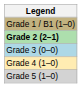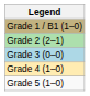 <table class="wikitable" style="font-size:85%;">
 <tr>
 <th>Legend</th>
 </tr>
 <tr bgcolor="C2B280">
 <td>Grade 1 / B1 (1–0)</td>
 </tr>
 <tr bgcolor="ADDFAD">
-<td><strong>Grade 2 (2–1)</strong></td>
+<td>Grade 2 (2–1)</td>
 </tr>
 <tr bgcolor="lightblue">
 <td>Grade 3 (0–0)</td>
 </tr>
 <tr bgcolor="ffecb2">
 <td>Grade 4 (1–0)</td>
 </tr>
 <tr>
-<td style="background: lightgrey;">Grade 5 (1–0)</td>
+<td>Grade 5 (1–0)</td>
 </tr>
 </table>
